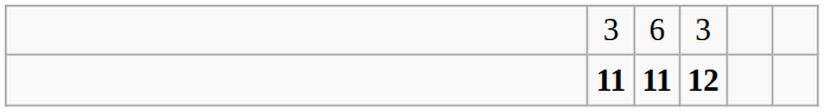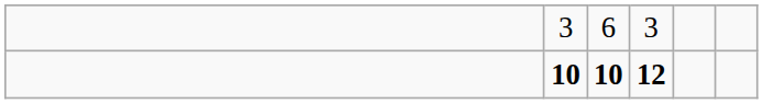 <table class="wikitable">
 <tr>
 <td style="width:18em"></td>
 <td align=center style="width:1em">3</td>
 <td align=center style="width:1em">6</td>
 <td align=center style="width:1em">3</td>
 <td align=center style="width:1em"></td>
 <td align=center style="width:1em"></td>
 </tr>
 <tr>
 <td style="width:18em"></td>
-<td align=center style="width:1em"><strong>11</strong></td>
-<td align=center style="width:1em"><strong>11</strong></td>
+<td align=center style="width:1em"><strong>10</strong></td>
+<td align=center style="width:1em"><strong>10</strong></td>
 <td align=center style="width:1em"><strong>12</strong></td>
 <td align=center style="width:1em"></td>
 <td align=center style="width:1em"></td>
 </tr>
 </table>
